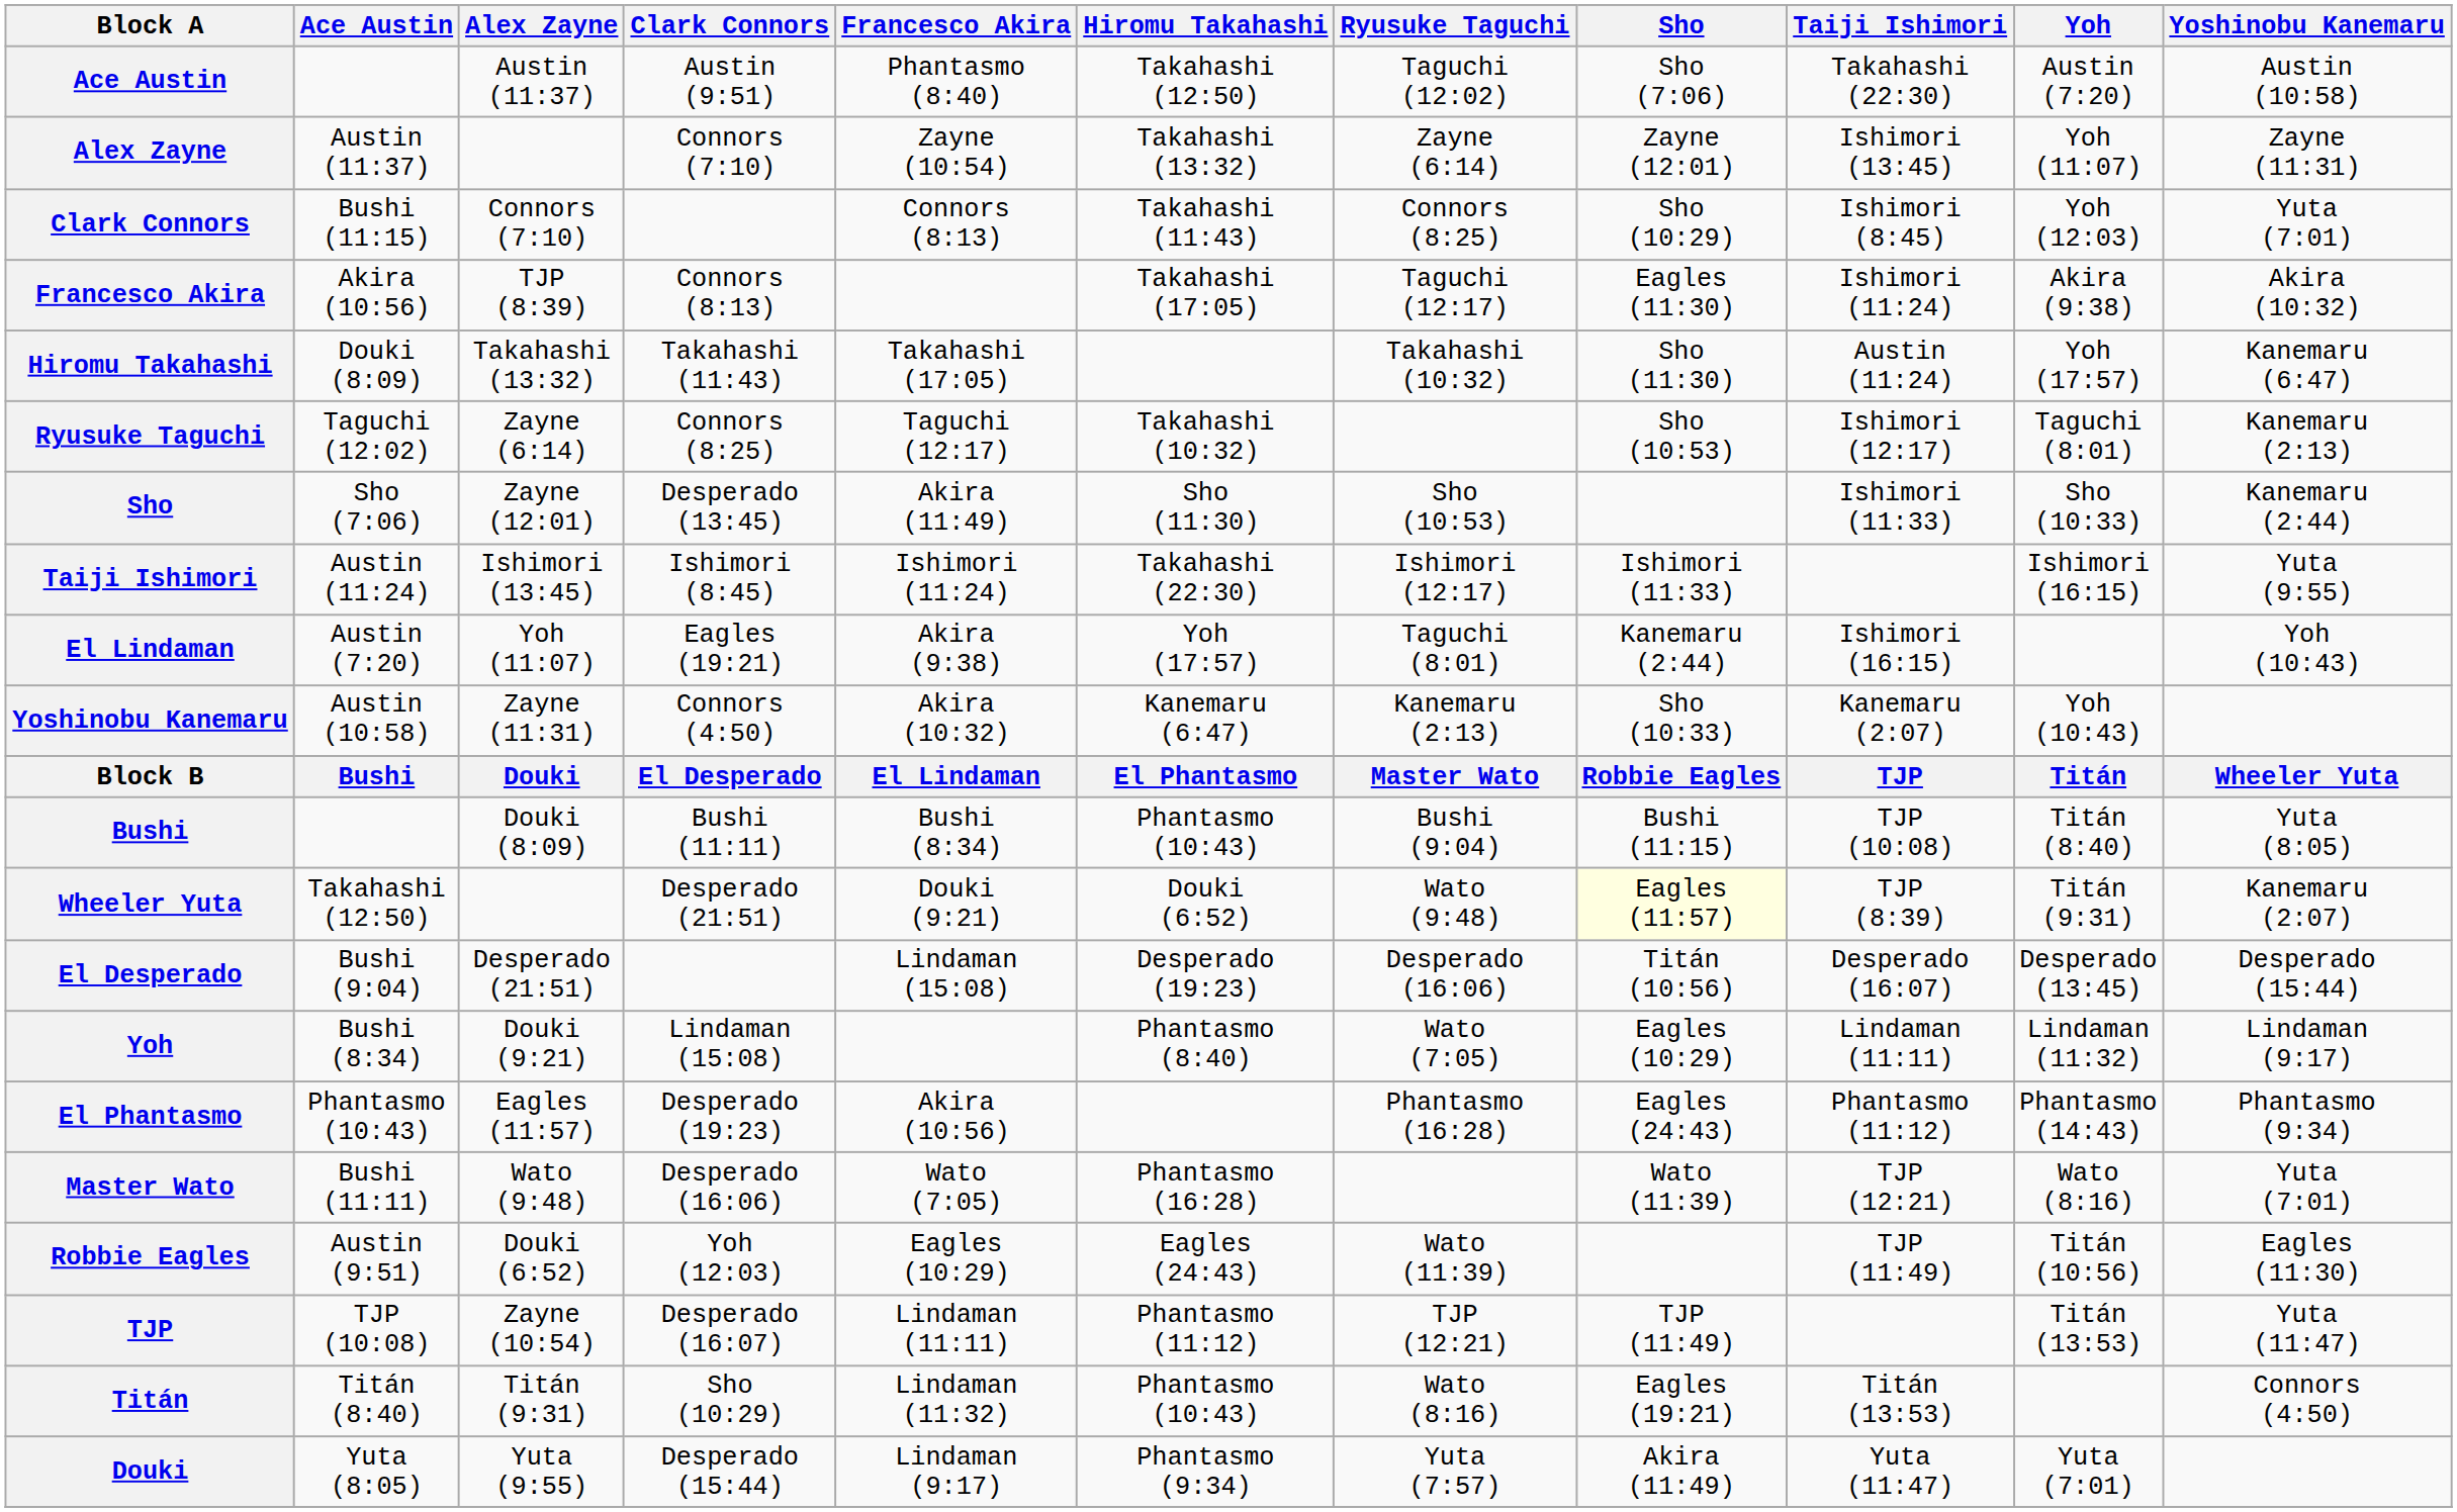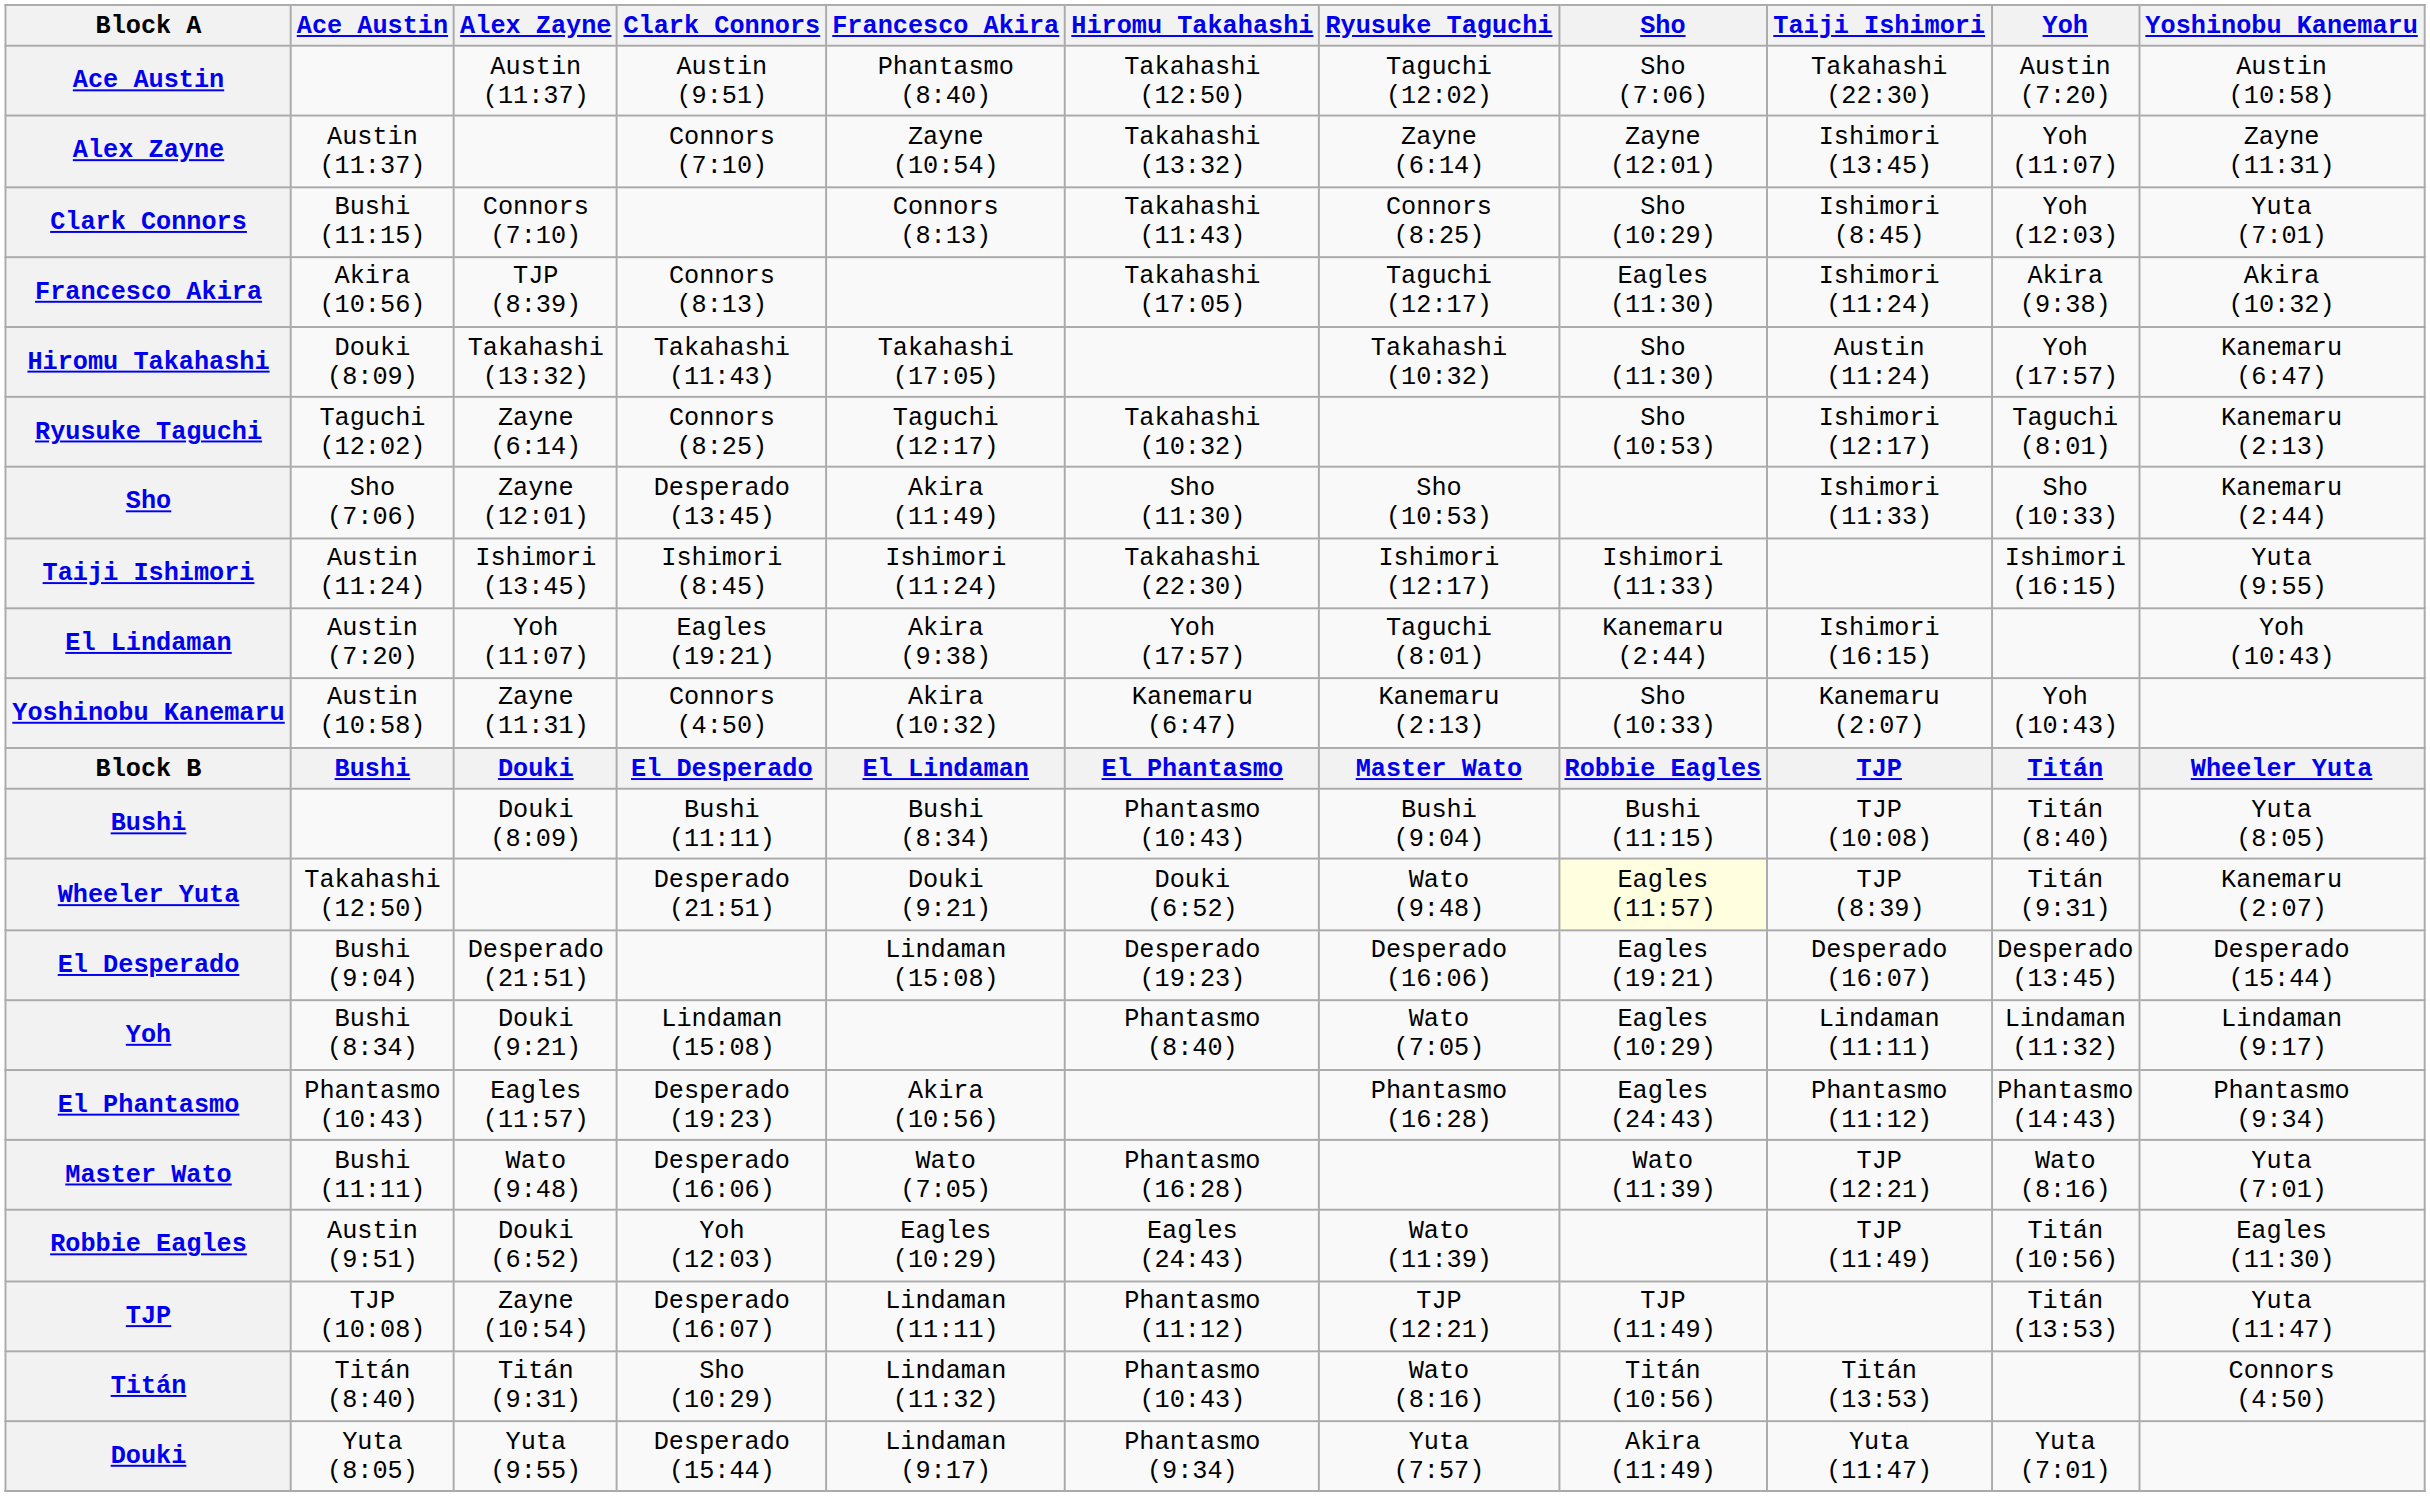 <table class="wikitable" style="margin: 1em auto 1em auto">
 <tr align="center">
 <th>Block A</th>
 <th><a href='#'>Ace Austin</a></th>
 <th><a href='#'>Alex Zayne</a></th>
 <th><a href='#'>Clark Connors</a></th>
 <th><a href='#'>Francesco Akira</a></th>
 <th><a href='#'>Hiromu Takahashi</a></th>
 <th><a href='#'>Ryusuke Taguchi</a></th>
 <th><a href='#'>Sho</a></th>
 <th><a href='#'>Taiji Ishimori</a></th>
 <th><a href='#'>Yoh</a></th>
 <th><a href='#'>Yoshinobu Kanemaru</a></th>
 </tr>
 <tr align="center">
 <th><a href='#'>Ace Austin</a></th>
 <td></td>
 <td>Austin<br>(11:37)</td>
 <td>Austin<br>(9:51)</td>
 <td>Phantasmo<br>(8:40)</td>
 <td>Takahashi<br>(12:50)</td>
 <td>Taguchi<br>(12:02)</td>
 <td>Sho<br>(7:06)</td>
 <td>Takahashi <br> (22:30)</td>
 <td>Austin<br>(7:20)</td>
 <td>Austin<br>(10:58)</td>
 </tr>
 <tr align="center">
 <th><a href='#'>Alex Zayne</a></th>
 <td>Austin<br>(11:37)</td>
 <td></td>
 <td>Connors<br> (7:10)</td>
 <td>Zayne<br>(10:54)</td>
 <td>Takahashi<br>(13:32)</td>
 <td>Zayne<br>(6:14)</td>
 <td>Zayne<br>(12:01)</td>
 <td>Ishimori<br>(13:45)</td>
 <td>Yoh<br>(11:07)</td>
 <td>Zayne<br>(11:31)</td>
 </tr>
 <tr align="center">
 <th><a href='#'>Clark Connors</a></th>
 <td>Bushi<br>(11:15)</td>
 <td>Connors <br> (7:10)</td>
 <td></td>
 <td>Connors<br>(8:13)</td>
 <td>Takahashi<br>(11:43)</td>
 <td>Connors<br>(8:25)</td>
 <td>Sho<br>(10:29)</td>
 <td>Ishimori<br>(8:45)</td>
 <td>Yoh<br>(12:03)</td>
 <td>Yuta<br>(7:01)</td>
 </tr>
 <tr align="center">
 <th><a href='#'>Francesco Akira</a></th>
 <td>Akira <br> (10:56)</td>
 <td>TJP<br>(8:39)</td>
 <td>Connors<br>(8:13)</td>
 <td></td>
 <td>Takahashi<br>(17:05)</td>
 <td>Taguchi<br>(12:17)</td>
 <td>Eagles<br>(11:30)</td>
 <td>Ishimori<br>(11:24)</td>
 <td>Akira<br>(9:38)</td>
 <td>Akira<br>(10:32)</td>
 </tr>
 <tr align="center">
 <th><a href='#'>Hiromu Takahashi</a></th>
 <td>Douki<br>(8:09)</td>
 <td>Takahashi<br>(13:32)</td>
 <td>Takahashi<br>(11:43)</td>
 <td>Takahashi<br>(17:05)</td>
 <td></td>
 <td>Takahashi<br>(10:32)</td>
 <td>Sho<br>(11:30)</td>
 <td>Austin<br>(11:24)</td>
 <td>Yoh<br>(17:57)</td>
 <td>Kanemaru<br>(6:47)</td>
 </tr>
 <tr align="center">
 <th><a href='#'>Ryusuke Taguchi</a></th>
 <td>Taguchi<br>(12:02)</td>
 <td>Zayne<br>(6:14)</td>
 <td>Connors<br>(8:25)</td>
 <td>Taguchi<br>(12:17)</td>
 <td>Takahashi<br>(10:32)</td>
 <td></td>
 <td>Sho<br>(10:53)</td>
 <td>Ishimori<br>(12:17)</td>
 <td>Taguchi<br>(8:01)</td>
 <td>Kanemaru<br>(2:13)</td>
 </tr>
 <tr align="center">
 <th><a href='#'>Sho</a></th>
 <td>Sho<br>(7:06)</td>
 <td>Zayne<br>(12:01)</td>
 <td>Desperado<br>(13:45)</td>
 <td>Akira<br>(11:49)</td>
 <td>Sho<br>(11:30)</td>
 <td>Sho<br>(10:53)</td>
 <td></td>
 <td>Ishimori<br>(11:33)</td>
 <td>Sho<br>(10:33)</td>
 <td>Kanemaru<br>(2:44)</td>
 </tr>
 <tr align="center">
 <th><a href='#'>Taiji Ishimori</a></th>
 <td>Austin<br>(11:24)</td>
 <td>Ishimori<br>(13:45)</td>
 <td>Ishimori<br>(8:45)</td>
 <td>Ishimori<br>(11:24)</td>
 <td>Takahashi <br> (22:30)</td>
 <td>Ishimori<br>(12:17)</td>
 <td>Ishimori<br>(11:33)</td>
 <td></td>
 <td>Ishimori<br>(16:15)</td>
 <td>Yuta<br>(9:55)</td>
 </tr>
 <tr align="center">
 <th><a href='#'>El Lindaman</a></th>
 <td>Austin<br>(7:20)</td>
 <td>Yoh<br>(11:07)</td>
 <td>Eagles<br>(19:21)</td>
 <td>Akira<br>(9:38)</td>
 <td>Yoh<br>(17:57)</td>
 <td>Taguchi<br>(8:01)</td>
 <td>Kanemaru<br>(2:44)</td>
 <td>Ishimori<br>(16:15)</td>
 <td></td>
 <td>Yoh<br>(10:43)</td>
 </tr>
 <tr align="center">
 <th><a href='#'>Yoshinobu Kanemaru</a></th>
 <td>Austin<br>(10:58)</td>
 <td>Zayne<br>(11:31)</td>
 <td>Connors<br>(4:50)</td>
 <td>Akira<br>(10:32)</td>
 <td>Kanemaru<br>(6:47)</td>
 <td>Kanemaru<br> (2:13)</td>
 <td>Sho<br>(10:33)</td>
 <td>Kanemaru<br>(2:07)</td>
 <td>Yoh<br>(10:43)</td>
 <td></td>
 </tr>
 <tr align="center">
 <th>Block B</th>
 <th><a href='#'>Bushi</a></th>
 <th><a href='#'>Douki</a></th>
 <th><a href='#'>El Desperado</a></th>
 <th><a href='#'>El Lindaman</a></th>
 <th><a href='#'>El Phantasmo</a></th>
 <th><a href='#'>Master Wato</a></th>
 <th><a href='#'>Robbie Eagles</a></th>
 <th><a href='#'>TJP</a></th>
 <th><a href='#'>Titán</a></th>
 <th><a href='#'>Wheeler Yuta</a></th>
 </tr>
 <tr align="center">
 <th><a href='#'>Bushi</a></th>
 <td></td>
 <td>Douki<br>(8:09)</td>
 <td>Bushi<br>(11:11)</td>
 <td>Bushi<br> (8:34)</td>
 <td>Phantasmo<br>(10:43)</td>
 <td>Bushi<br>(9:04)</td>
 <td>Bushi<br>(11:15)</td>
 <td>TJP<br>(10:08)</td>
 <td>Titán<br>(8:40)</td>
 <td>Yuta<br>(8:05)</td>
 </tr>
 <tr align="center">
 <th><a href='#'>Wheeler Yuta</a></th>
 <td>Takahashi<br>(12:50)</td>
 <td></td>
 <td>Desperado<br>(21:51)</td>
 <td>Douki<br>(9:21)</td>
 <td>Douki<br>(6:52)</td>
 <td>Wato<br>(9:48)</td>
 <td style="background: lightyellow;">Eagles<br>(11:57)</td>
 <td>TJP<br>(8:39)</td>
 <td>Titán<br>(9:31)</td>
 <td>Kanemaru<br>(2:07)</td>
 </tr>
 <tr align="center">
 <th><a href='#'>El Desperado</a></th>
 <td>Bushi<br>(9:04)</td>
 <td>Desperado<br>(21:51)</td>
 <td></td>
 <td>Lindaman<br>(15:08)</td>
 <td>Desperado <br> (19:23)</td>
 <td>Desperado<br>(16:06)</td>
-<td>Titán<br>(10:56)</td>
+<td>Eagles<br>(19:21)</td>
 <td>Desperado<br>(16:07)</td>
 <td>Desperado<br>(13:45)</td>
 <td>Desperado<br>(15:44)</td>
 </tr>
 <tr align="center">
 <th><a href='#'>Yoh</a></th>
 <td>Bushi<br> (8:34)</td>
 <td>Douki<br>(9:21)</td>
 <td>Lindaman<br>(15:08)</td>
 <td></td>
 <td>Phantasmo<br>(8:40)</td>
 <td>Wato<br>(7:05)</td>
 <td>Eagles<br>(10:29)</td>
 <td>Lindaman<br>(11:11)</td>
 <td>Lindaman<br>(11:32)</td>
 <td>Lindaman<br>(9:17)</td>
 </tr>
 <tr align="center">
 <th><a href='#'>El Phantasmo</a></th>
 <td>Phantasmo<br>(10:43)</td>
 <td>Eagles<br>(11:57)</td>
 <td>Desperado<br>(19:23)</td>
 <td>Akira <br> (10:56)</td>
 <td></td>
 <td>Phantasmo<br>(16:28)</td>
 <td>Eagles<br>(24:43)</td>
 <td>Phantasmo<br>(11:12)</td>
 <td>Phantasmo<br>(14:43)</td>
 <td>Phantasmo<br>(9:34)</td>
 </tr>
 <tr align="center">
 <th><a href='#'>Master Wato</a></th>
 <td>Bushi<br>(11:11)</td>
 <td>Wato<br> (9:48)</td>
 <td>Desperado<br>(16:06)</td>
 <td>Wato<br>(7:05)</td>
 <td>Phantasmo<br>(16:28)</td>
 <td></td>
 <td>Wato<br>(11:39)</td>
 <td>TJP<br>(12:21)</td>
 <td>Wato<br>(8:16)</td>
 <td>Yuta<br>(7:01)</td>
 </tr>
 <tr align="center">
 <th><a href='#'>Robbie Eagles</a></th>
 <td>Austin<br>(9:51)</td>
 <td>Douki<br>(6:52)</td>
 <td>Yoh<br>(12:03)</td>
 <td>Eagles<br>(10:29)</td>
 <td>Eagles<br>(24:43)</td>
 <td>Wato<br>(11:39)</td>
 <td></td>
 <td>TJP<br>(11:49)</td>
 <td>Titán <br> (10:56)</td>
 <td>Eagles<br>(11:30)</td>
 </tr>
 <tr align="center">
 <th><a href='#'>TJP</a></th>
 <td>TJP<br>(10:08)</td>
 <td>Zayne<br>(10:54)</td>
 <td>Desperado<br>(16:07)</td>
 <td>Lindaman<br>(11:11)</td>
 <td>Phantasmo<br>(11:12)</td>
 <td>TJP<br>(12:21)</td>
 <td>TJP<br>(11:49)</td>
 <td></td>
 <td>Titán<br>(13:53)</td>
 <td>Yuta <br> (11:47)</td>
 </tr>
 <tr align="center">
 <th><a href='#'>Titán</a></th>
 <td>Titán<br>(8:40)</td>
 <td>Titán<br>(9:31)</td>
 <td>Sho<br>(10:29)</td>
 <td>Lindaman<br>(11:32)</td>
 <td>Phantasmo<br>(10:43)</td>
 <td>Wato<br>(8:16)</td>
-<td>Eagles<br>(19:21)</td>
+<td>Titán<br>(10:56)</td>
 <td>Titán<br>(13:53)</td>
 <td></td>
 <td>Connors<br>(4:50)</td>
 </tr>
 <tr align="center">
 <th><a href='#'>Douki</a></th>
 <td>Yuta<br>(8:05)</td>
 <td>Yuta<br>(9:55)</td>
 <td>Desperado<br>(15:44)</td>
 <td>Lindaman<br>(9:17)</td>
 <td>Phantasmo<br>(9:34)</td>
 <td>Yuta<br>(7:57)</td>
 <td>Akira<br>(11:49)</td>
 <td>Yuta<br>(11:47)</td>
 <td>Yuta<br>(7:01)</td>
 <td></td>
 </tr>
 <tr align="center">
 </tr>
 </table>
